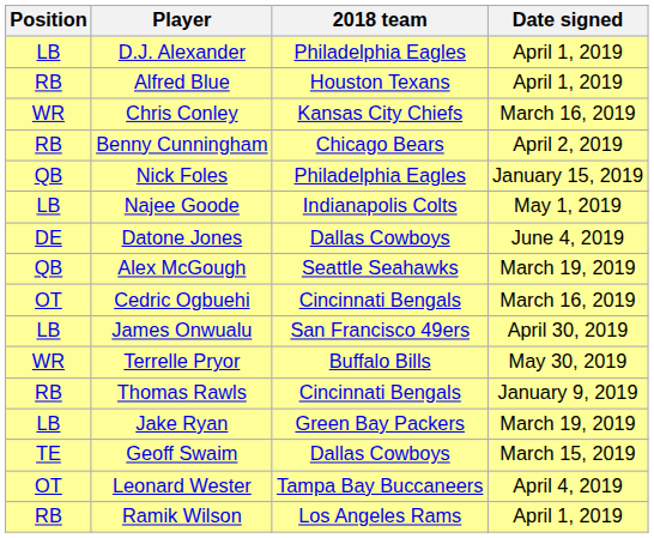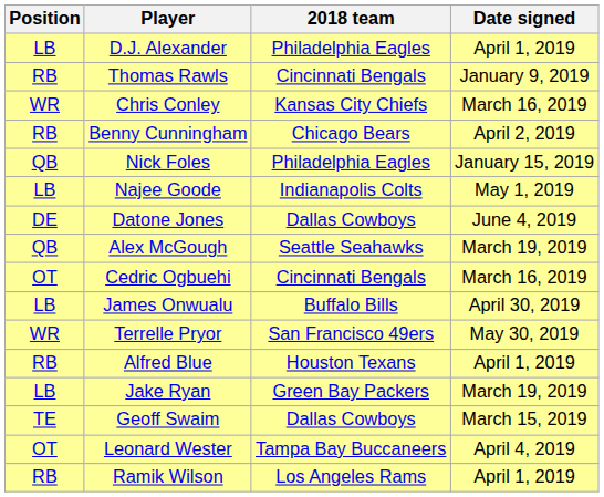 <table class="wikitable" style="text-align:center">
 <tr>
 <th>Position</th>
 <th>Player</th>
 <th>2018 team</th>
 <th>Date signed</th>
 </tr>
 <tr style="background:#ff9">
 <td><a href='#'>LB</a></td>
 <td><a href='#'>D.J. Alexander</a></td>
 <td><a href='#'>Philadelphia Eagles</a></td>
 <td>April 1, 2019</td>
 </tr>
 <tr style="background:#ff9">
 <td><a href='#'>RB</a></td>
-<td><a href='#'>Alfred Blue</a></td>
-<td><a href='#'>Houston Texans</a></td>
-<td>April 1, 2019</td>
+<td><a href='#'>Thomas Rawls</a></td>
+<td><a href='#'>Cincinnati Bengals</a></td>
+<td>January 9, 2019</td>
 </tr>
 <tr style="background:#ff9">
 <td><a href='#'>WR</a></td>
 <td><a href='#'>Chris Conley</a></td>
 <td><a href='#'>Kansas City Chiefs</a></td>
 <td>March 16, 2019</td>
 </tr>
 <tr style="background:#ff9">
 <td><a href='#'>RB</a></td>
 <td><a href='#'>Benny Cunningham</a></td>
 <td><a href='#'>Chicago Bears</a></td>
 <td>April 2, 2019</td>
 </tr>
 <tr style="background:#ff9">
 <td><a href='#'>QB</a></td>
 <td><a href='#'>Nick Foles</a></td>
 <td><a href='#'>Philadelphia Eagles</a></td>
 <td>January 15, 2019</td>
 </tr>
 <tr style="background:#ff9">
 <td><a href='#'>LB</a></td>
 <td><a href='#'>Najee Goode</a></td>
 <td><a href='#'>Indianapolis Colts</a></td>
 <td>May 1, 2019</td>
 </tr>
 <tr style="background:#ff9">
 <td><a href='#'>DE</a></td>
 <td><a href='#'>Datone Jones</a></td>
 <td><a href='#'>Dallas Cowboys</a></td>
 <td>June 4, 2019</td>
 </tr>
 <tr style="background:#ff9">
 <td><a href='#'>QB</a></td>
 <td><a href='#'>Alex McGough</a></td>
 <td><a href='#'>Seattle Seahawks</a></td>
 <td>March 19, 2019</td>
 </tr>
 <tr style="background:#ff9">
 <td><a href='#'>OT</a></td>
 <td><a href='#'>Cedric Ogbuehi</a></td>
 <td><a href='#'>Cincinnati Bengals</a></td>
 <td>March 16, 2019</td>
 </tr>
 <tr style="background:#ff9">
 <td><a href='#'>LB</a></td>
 <td><a href='#'>James Onwualu</a></td>
-<td><a href='#'>San Francisco 49ers</a></td>
+<td><a href='#'>Buffalo Bills</a></td>
 <td>April 30, 2019</td>
 </tr>
 <tr style="background:#ff9">
 <td><a href='#'>WR</a></td>
 <td><a href='#'>Terrelle Pryor</a></td>
-<td><a href='#'>Buffalo Bills</a></td>
+<td><a href='#'>San Francisco 49ers</a></td>
 <td>May 30, 2019</td>
 </tr>
 <tr style="background:#ff9">
 <td><a href='#'>RB</a></td>
-<td><a href='#'>Thomas Rawls</a></td>
-<td><a href='#'>Cincinnati Bengals</a></td>
-<td>January 9, 2019</td>
+<td><a href='#'>Alfred Blue</a></td>
+<td><a href='#'>Houston Texans</a></td>
+<td>April 1, 2019</td>
 </tr>
 <tr style="background:#ff9">
 <td><a href='#'>LB</a></td>
 <td><a href='#'>Jake Ryan</a></td>
 <td><a href='#'>Green Bay Packers</a></td>
 <td>March 19, 2019</td>
 </tr>
 <tr style="background:#ff9">
 <td><a href='#'>TE</a></td>
 <td><a href='#'>Geoff Swaim</a></td>
 <td><a href='#'>Dallas Cowboys</a></td>
 <td>March 15, 2019</td>
 </tr>
 <tr style="background:#ff9">
 <td><a href='#'>OT</a></td>
 <td><a href='#'>Leonard Wester</a></td>
 <td><a href='#'>Tampa Bay Buccaneers</a></td>
 <td>April 4, 2019</td>
 </tr>
 <tr style="background:#ff9">
 <td><a href='#'>RB</a></td>
 <td><a href='#'>Ramik Wilson</a></td>
 <td><a href='#'>Los Angeles Rams</a></td>
 <td>April 1, 2019</td>
 </tr>
 </table>
